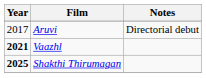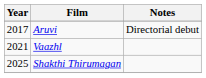 <table class="wikitable sortable">
 <tr>
 <th>Year</th>
 <th>Film</th>
 <th>Notes</th>
 </tr>
 <tr>
 </tr>
 <tr>
 <td>2017</td>
 <td style="text-align:left;"><em><a href='#'>Aruvi</a></em></td>
 <td>Directorial debut</td>
 </tr>
 <tr>
-<td><strong>2021</strong></td>
+<td>2021</td>
 <td style="text-align:left;"><em><a href='#'>Vaazhl</a></em></td>
 <td></td>
 </tr>
 <tr>
-<td><strong>2025</strong></td>
+<td>2025</td>
 <td style="text-align:left;"><em><a href='#'>Shakthi Thirumagan</a></em></td>
 <td></td>
 </tr>
 <tr>
 </tr>
 </table>
